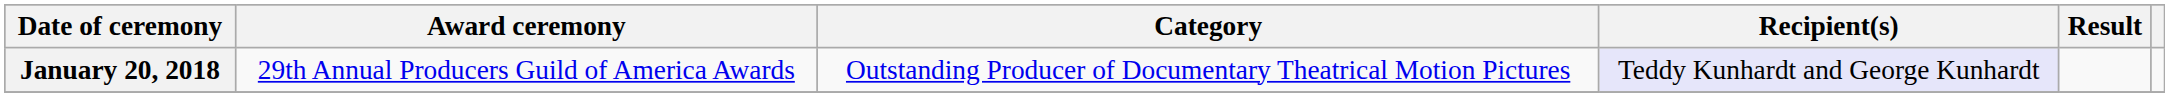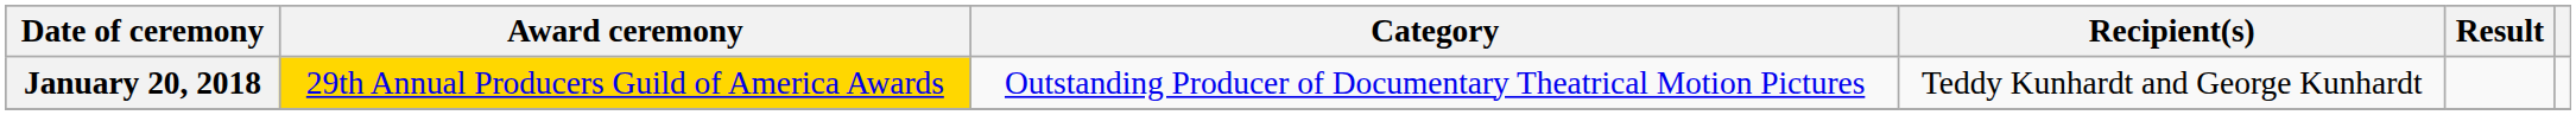 <table class="wikitable plainrowheaders sortable" style="width:100%;">
 <tr>
 <th scope="col">Date of ceremony</th>
 <th scope="col">Award ceremony</th>
 <th scope="col">Category</th>
 <th scope="col">Recipient(s)</th>
 <th scope="col">Result</th>
 <th scope="col" class="unsortable"></th>
 </tr>
 <tr>
 <th scope="row" style="text-align:center;">January 20, 2018</th>
-<td style="text-align:center;"><a href='#'>29th Annual Producers Guild of America Awards</a></td>
+<td style="background: gold; text-align:center;"><a href='#'>29th Annual Producers Guild of America Awards</a></td>
 <td style="text-align:center;"><a href='#'>Outstanding Producer of Documentary Theatrical Motion Pictures</a></td>
-<td style="background: lavender; text-align:center;">Teddy Kunhardt and George Kunhardt</td>
+<td style="text-align:center;">Teddy Kunhardt and George Kunhardt</td>
 <td></td>
 <td style="text-align:center;"></td>
 </tr>
 <tr>
 </tr>
 </table>
